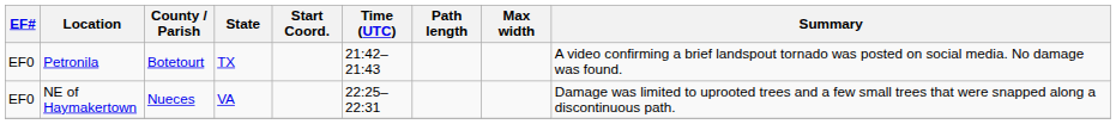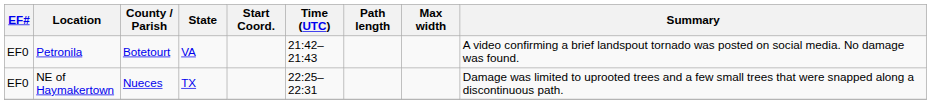 <table class="wikitable sortable" style="width:100%;">
 <tr>
 <th scope="col"  style="width:3%; text-align:center;"><a href='#'>EF#</a></th>
 <th scope="col"  style="width:7%; text-align:center;" class="unsortable">Location</th>
 <th scope="col"  style="width:6%; text-align:center;" class="unsortable">County / Parish</th>
 <th scope="col"  style="width:5%; text-align:center;">State</th>
 <th scope="col"  style="width:6%; text-align:center;">Start Coord.</th>
 <th scope="col"  style="width:6%; text-align:center;">Time (<a href='#'>UTC</a>)</th>
 <th scope="col"  style="width:6%; text-align:center;">Path length</th>
 <th scope="col"  style="width:6%; text-align:center;">Max width</th>
 <th scope="col" class="unsortable" style="width:48%; text-align:center;">Summary</th>
 </tr>
 <tr>
 <td>EF0</td>
 <td><a href='#'>Petronila</a></td>
 <td><a href='#'>Botetourt</a></td>
-<td><a href='#'>TX</a></td>
+<td><a href='#'>VA</a></td>
 <td></td>
 <td>21:42–21:43</td>
 <td></td>
 <td></td>
 <td>A video confirming a brief landspout tornado was posted on social media. No damage was found.</td>
 </tr>
 <tr>
 <td>EF0</td>
 <td>NE of <a href='#'>Haymakertown</a></td>
 <td><a href='#'>Nueces</a></td>
-<td><a href='#'>VA</a></td>
+<td><a href='#'>TX</a></td>
 <td></td>
 <td>22:25–22:31</td>
 <td></td>
 <td></td>
 <td>Damage was limited to uprooted trees and a few small trees that were snapped along a discontinuous path.</td>
 </tr>
 <tr>
 </tr>
 </table>
